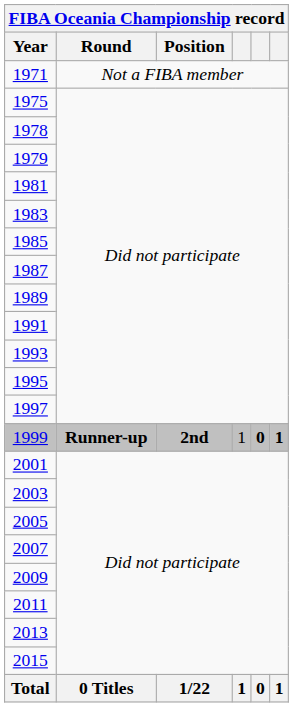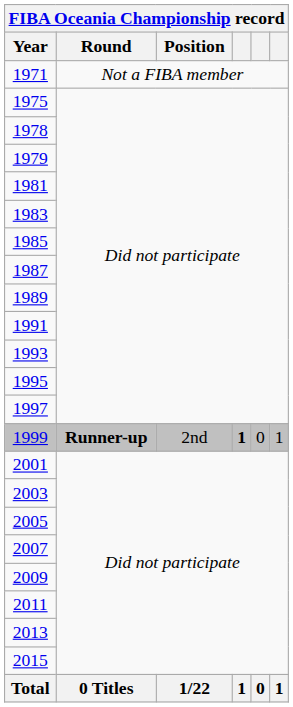 <table class="wikitable" style="text-align: center;">
 <tr>
 <th colspan=10><a href='#'>FIBA Oceania Championship</a> record</th>
 </tr>
 <tr>
 <th>Year</th>
 <th>Round</th>
 <th>Position</th>
 <th></th>
 <th></th>
 <th></th>
 </tr>
 <tr>
 <td> <a href='#'>1971</a></td>
 <td colspan="6"><em>Not a FIBA member</em></td>
 </tr>
 <tr>
 <td> <a href='#'>1975</a></td>
 <td rowspan="12" colspan="6"><em>Did not participate</em></td>
 </tr>
 <tr>
 <td> <a href='#'>1978</a></td>
 </tr>
 <tr>
 <td> <a href='#'>1979</a></td>
 </tr>
 <tr>
 <td> <a href='#'>1981</a></td>
 </tr>
 <tr>
 <td> <a href='#'>1983</a></td>
 </tr>
 <tr>
 <td> <a href='#'>1985</a></td>
 </tr>
 <tr>
 <td> <a href='#'>1987</a></td>
 </tr>
 <tr>
 <td> <a href='#'>1989</a></td>
 </tr>
 <tr>
 <td> <a href='#'>1991</a></td>
 </tr>
 <tr>
 <td> <a href='#'>1993</a></td>
 </tr>
 <tr>
 <td> <a href='#'>1995</a></td>
 </tr>
 <tr>
 <td> <a href='#'>1997</a></td>
 </tr>
 <tr style="background:silver;">
 <td> <a href='#'>1999</a></td>
 <td><strong>Runner-up</strong></td>
-<td><strong>2nd</strong></td>
+<td>2nd</td>
+<td><strong>1</strong></td>
+<td>0</td>
 <td>1</td>
-<td><strong>0</strong></td>
-<td><strong>1</strong></td>
 </tr>
 <tr>
 <td> <a href='#'>2001</a></td>
 <td rowspan="8" colspan="6"><em>Did not participate</em></td>
 </tr>
 <tr>
 <td> <a href='#'>2003</a></td>
 </tr>
 <tr>
 <td> <a href='#'>2005</a></td>
 </tr>
 <tr>
 <td> <a href='#'>2007</a></td>
 </tr>
 <tr>
 <td>  <a href='#'>2009</a></td>
 </tr>
 <tr>
 <td> <a href='#'>2011</a></td>
 </tr>
 <tr>
 <td>  <a href='#'>2013</a></td>
 </tr>
 <tr>
 <td>  <a href='#'>2015</a></td>
 </tr>
 <tr>
 <th>Total</th>
 <th>0 Titles</th>
 <th>1/22</th>
 <th>1</th>
 <th>0</th>
 <th>1</th>
 </tr>
 </table>
